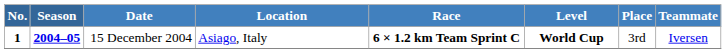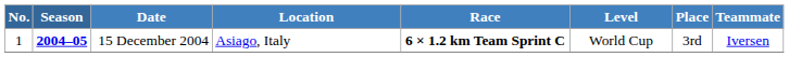 <table class="wikitable sortable" style="font-size:95%; text-align:center; border:grey solid 1px; border-collapse:collapse; background:#ffffff;">
 <tr style="background:#efefef;">
 <th style="background-color:#369; color:white;">No.</th>
 <th style="background-color:#369; color:white;">Season</th>
 <th style="background-color:#4180be; color:white; width:120px;">Date</th>
 <th style="background-color:#4180be; color:white; width:190px;">Location</th>
 <th style="background-color:#4180be; color:white; width:170px;">Race</th>
 <th style="background-color:#4180be; color:white; width:100px;">Level</th>
 <th style="background-color:#4180be; color:white;">Place</th>
 <th style="background-color:#4180be; color:white;">Teammate</th>
 </tr>
 <tr>
-<td align=center><strong>1</strong></td>
+<td align=center>1</td>
 <td rowspan=1 align=center><strong><a href='#'>2004–05</a></strong></td>
 <td align=right>15 December 2004</td>
 <td align=left> <a href='#'>Asiago</a>, Italy</td>
 <td><strong>6 × 1.2 km Team Sprint C</strong></td>
-<td><strong>World Cup</strong></td>
+<td>World Cup</td>
 <td>3rd</td>
 <td><a href='#'>Iversen</a></td>
 </tr>
 <tr>
 </tr>
 </table>
